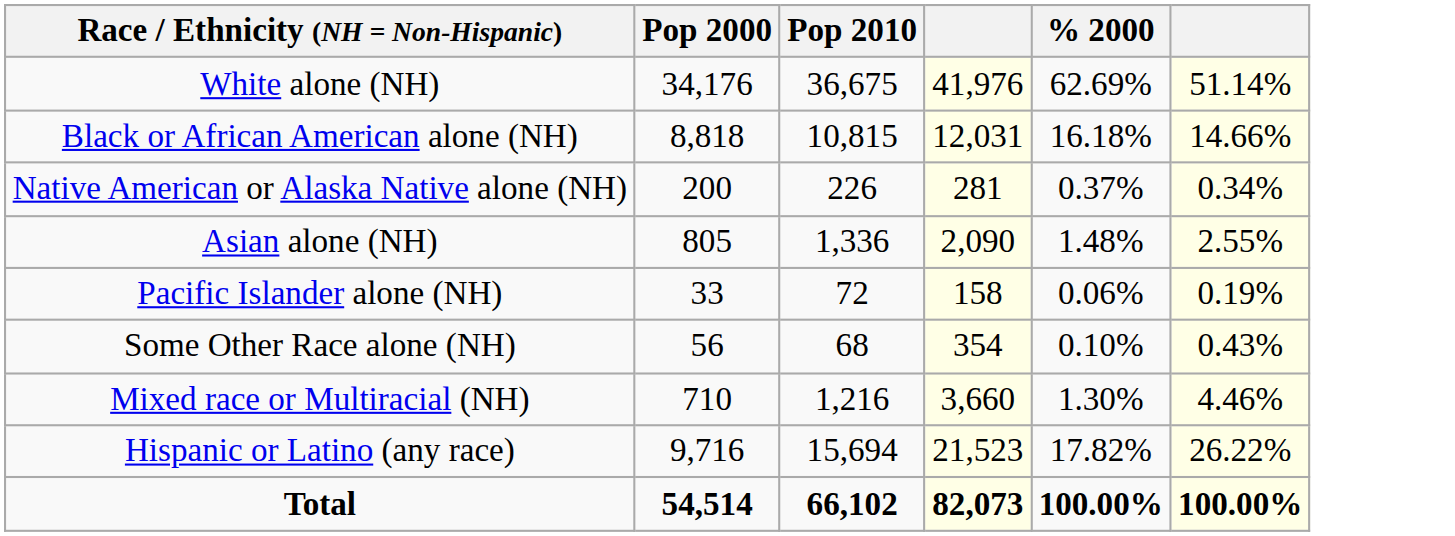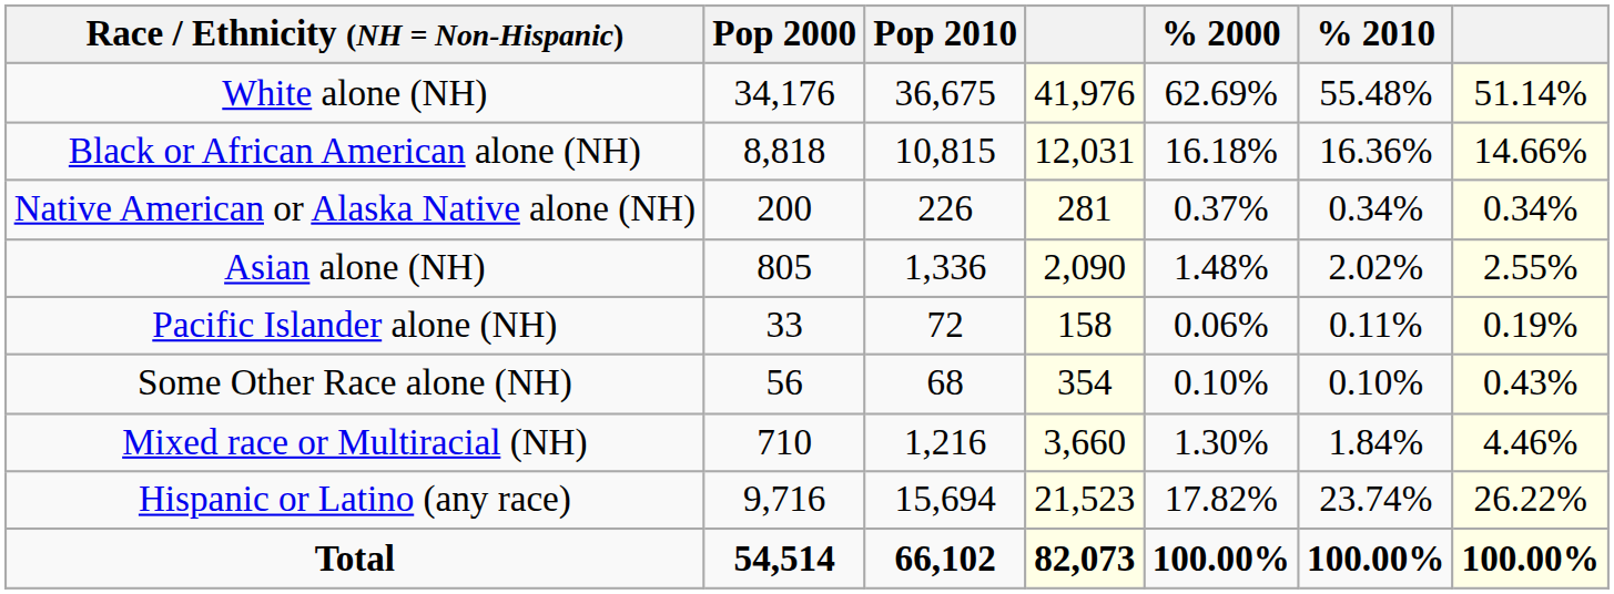 <table class="wikitable" style="text-align:center;">
 <tr>
 <th>Race / Ethnicity <small>(<em>NH = Non-Hispanic</em>)</small></th>
 <th>Pop 2000</th>
 <th>Pop 2010</th>
 <th></th>
 <th>% 2000</th>
+<th>% 2010</th>
 <th></th>
 </tr>
 <tr>
 <td><a href='#'>White</a> alone (NH)</td>
 <td>34,176</td>
 <td>36,675</td>
 <td style='background: #ffffe6;'>41,976</td>
 <td>62.69%</td>
+<td>55.48%</td>
 <td style='background: #ffffe6;'>51.14%</td>
 </tr>
 <tr>
 <td><a href='#'>Black or African American</a> alone (NH)</td>
 <td>8,818</td>
 <td>10,815</td>
 <td style='background: #ffffe6;'>12,031</td>
 <td>16.18%</td>
+<td>16.36%</td>
 <td style='background: #ffffe6;'>14.66%</td>
 </tr>
 <tr>
 <td><a href='#'>Native American</a> or <a href='#'>Alaska Native</a> alone (NH)</td>
 <td>200</td>
 <td>226</td>
 <td style='background: #ffffe6;'>281</td>
 <td>0.37%</td>
+<td>0.34%</td>
 <td style='background: #ffffe6;'>0.34%</td>
 </tr>
 <tr>
 <td><a href='#'>Asian</a> alone (NH)</td>
 <td>805</td>
 <td>1,336</td>
 <td style='background: #ffffe6;'>2,090</td>
 <td>1.48%</td>
+<td>2.02%</td>
 <td style='background: #ffffe6;'>2.55%</td>
 </tr>
 <tr>
 <td><a href='#'>Pacific Islander</a> alone (NH)</td>
 <td>33</td>
 <td>72</td>
 <td style='background: #ffffe6;'>158</td>
 <td>0.06%</td>
+<td>0.11%</td>
 <td style='background: #ffffe6;'>0.19%</td>
 </tr>
 <tr>
 <td>Some Other Race alone (NH)</td>
 <td>56</td>
 <td>68</td>
 <td style='background: #ffffe6;'>354</td>
+<td>0.10%</td>
 <td>0.10%</td>
 <td style='background: #ffffe6;'>0.43%</td>
 </tr>
 <tr>
 <td><a href='#'>Mixed race or Multiracial</a> (NH)</td>
 <td>710</td>
 <td>1,216</td>
 <td style='background: #ffffe6;'>3,660</td>
 <td>1.30%</td>
+<td>1.84%</td>
 <td style='background: #ffffe6;'>4.46%</td>
 </tr>
 <tr>
 <td><a href='#'>Hispanic or Latino</a> (any race)</td>
 <td>9,716</td>
 <td>15,694</td>
 <td style='background: #ffffe6;'>21,523</td>
 <td>17.82%</td>
+<td>23.74%</td>
 <td style='background: #ffffe6;'>26.22%</td>
 </tr>
 <tr>
 <td><strong>Total</strong></td>
 <td><strong>54,514</strong></td>
 <td><strong>66,102 </strong></td>
 <td style='background: #ffffe6;'><strong>82,073</strong></td>
 <td><strong>100.00%</strong></td>
+<td><strong>100.00%</strong></td>
 <td style='background: #ffffe6;'><strong>100.00%</strong></td>
 </tr>
 </table>
